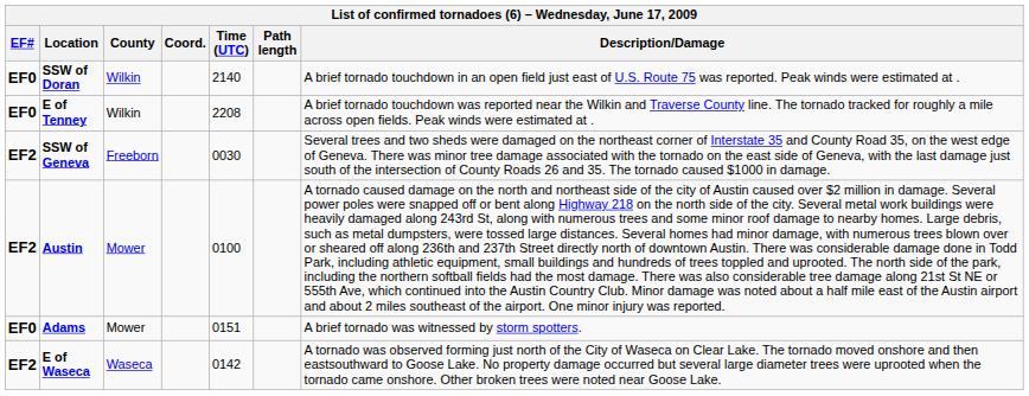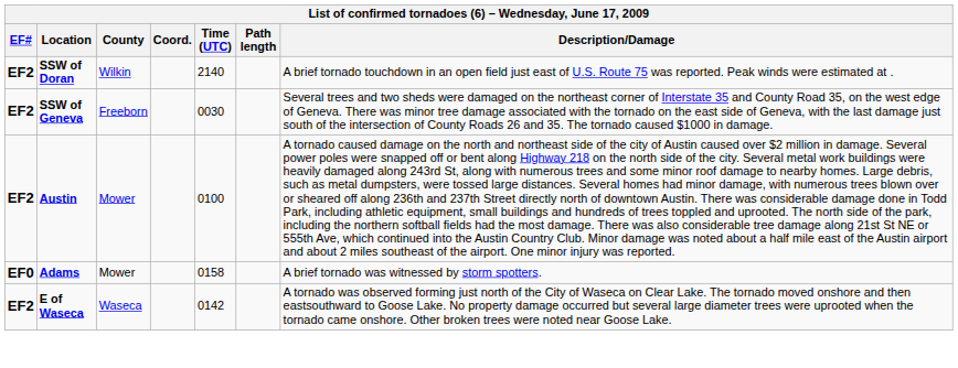 <table class="wikitable collapsible" width="100%">
 <tr>
 <th colspan="7">List of confirmed tornadoes (6) – Wednesday, June 17, 2009</th>
 </tr>
 <tr>
 <th><a href='#'>EF#</a></th>
 <th>Location</th>
 <th>County</th>
 <th>Coord.</th>
 <th>Time (<a href='#'>UTC</a>)</th>
 <th>Path length</th>
 <th>Description/Damage</th>
 </tr>
 <tr>
-<td><big><strong>EF0</strong></big></td>
+<td><big><strong>EF2</strong></big></td>
 <td><strong>SSW of <a href='#'>Doran</a></strong></td>
 <td><a href='#'>Wilkin</a></td>
 <td></td>
 <td>2140</td>
 <td></td>
 <td>A brief tornado touchdown in an open field just east of <a href='#'>U.S. Route 75</a> was reported. Peak winds were estimated at .</td>
-</tr>
-<tr>
-<td><big><strong>EF0</strong></big></td>
-<td><strong>E of <a href='#'>Tenney</a></strong></td>
-<td>Wilkin</td>
-<td></td>
-<td>2208</td>
-<td></td>
-<td>A brief tornado touchdown was reported near the Wilkin and <a href='#'>Traverse County</a> line. The tornado tracked for roughly a mile across open fields. Peak winds were estimated at .</td>
 </tr>
 <tr>
 <td><big><strong>EF2</strong></big></td>
 <td><strong>SSW of <a href='#'>Geneva</a></strong></td>
 <td><a href='#'>Freeborn</a></td>
 <td></td>
 <td>0030</td>
 <td></td>
 <td>Several trees and two sheds were damaged on the northeast corner of <a href='#'>Interstate 35</a> and County Road 35, on the west edge of Geneva. There was minor tree damage associated with the tornado on the east side of Geneva, with the last damage just south of the intersection of County Roads 26 and 35. The tornado caused $1000 in damage.</td>
 </tr>
 <tr>
 <td><big><strong>EF2</strong></big></td>
 <td><strong><a href='#'>Austin</a></strong></td>
 <td><a href='#'>Mower</a></td>
 <td></td>
 <td>0100</td>
 <td></td>
 <td>A tornado caused damage on the north and northeast side of the city of Austin caused over $2 million in damage. Several power poles were snapped off or bent along <a href='#'>Highway 218</a> on the north side of the city. Several metal work buildings were heavily damaged along 243rd St, along with numerous trees and some minor roof damage to nearby homes. Large debris, such as metal dumpsters, were tossed large distances. Several homes had minor damage, with numerous trees blown over or sheared off along 236th and 237th Street directly north of downtown Austin. There was considerable damage done in Todd Park, including athletic equipment, small buildings and hundreds of trees toppled and uprooted. The north side of the park, including the northern softball fields had the most damage. There was also considerable tree damage along 21st St NE or 555th Ave, which continued into the Austin Country Club. Minor damage was noted about a half mile east of the Austin airport and about 2 miles southeast of the airport. One minor injury was reported.</td>
 </tr>
 <tr>
 <td><big><strong>EF0</strong></big></td>
 <td><strong><a href='#'>Adams</a></strong></td>
 <td>Mower</td>
 <td></td>
-<td>0151</td>
+<td>0158</td>
 <td></td>
 <td>A brief tornado was witnessed by <a href='#'>storm spotters</a>.</td>
 </tr>
 <tr>
 <td><big><strong>EF2</strong></big></td>
 <td><strong>E of <a href='#'>Waseca</a></strong></td>
 <td><a href='#'>Waseca</a></td>
 <td></td>
 <td>0142</td>
 <td></td>
 <td>A tornado was observed forming just north of the City of Waseca on Clear Lake. The tornado moved onshore and then eastsouthward to Goose Lake. No property damage occurred but several large  diameter trees were uprooted when the tornado came onshore. Other broken trees were noted near Goose Lake.</td>
 </tr>
 </table>
